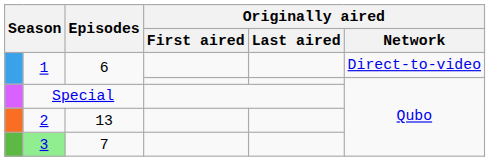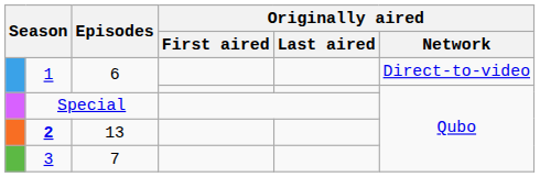 <table class="wikitable" style="text-align: center">
 <tr>
 <th colspan=2 rowspan=2>Season</th>
 <th rowspan=2>Episodes</th>
 <th colspan=3>Originally aired</th>
 </tr>
 <tr>
 <th>First aired</th>
 <th>Last aired</th>
 <th>Network</th>
 </tr>
 <tr>
 <td rowspan=2 style="background:#3AA2E8"></td>
 <td rowspan=2><a href='#'>1</a></td>
 <td rowspan=2>6</td>
 <td></td>
 <td></td>
 <td><a href='#'>Direct-to-video</a></td>
 </tr>
 <tr>
 <td></td>
 <td></td>
 <td rowspan=4><a href='#'>Qubo</a></td>
 </tr>
 <tr>
 <td style="background:#D861FF"></td>
 <td colspan=2><a href='#'>Special</a></td>
 <td colspan=2></td>
 </tr>
 <tr>
 <td style="background:#F86E23"></td>
-<td><a href='#'>2</a></td>
+<td><strong><a href='#'>2</a></strong></td>
 <td>13</td>
 <td></td>
 <td></td>
 </tr>
 <tr>
 <td style="background:#5CB944"></td>
-<td style="background: lightgreen;"><a href='#'>3</a></td>
+<td><a href='#'>3</a></td>
 <td>7</td>
 <td></td>
 <td></td>
 </tr>
 </table>
